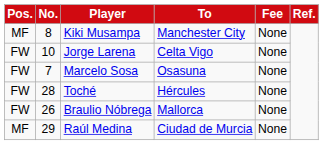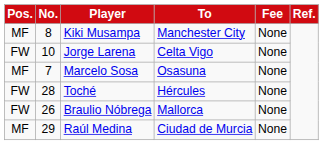 <table class="wikitable plainrowheaders sortable">
 <tr>
 <th style="background:#D10A11; color:#ffffff; ">Pos.</th>
 <th style="background:#D10A11; color:#ffffff; ">No.</th>
 <th style="background:#D10A11; color:#ffffff; ">Player</th>
 <th style="background:#D10A11; color:#ffffff; ">To</th>
 <th style="background:#D10A11; color:#ffffff; ">Fee</th>
 <th style="background:#D10A11; color:#ffffff; ">Ref.</th>
 </tr>
 <tr>
 <td style="text-align:center;">MF</td>
 <td style="text-align:center;">8</td>
 <td style="text-align:left;"> <a href='#'>Kiki Musampa</a></td>
 <td style="text-align:left;"> <a href='#'>Manchester City</a></td>
 <td>None</td>
 </tr>
 <tr>
 <td style="text-align:center;">FW</td>
 <td style="text-align:center;">10</td>
 <td style="text-align:left;"> <a href='#'>Jorge Larena</a></td>
 <td style="text-align:left;"> <a href='#'>Celta Vigo</a></td>
 <td>None</td>
 </tr>
 <tr>
-<td style="text-align:center;">FW</td>
+<td style="text-align:center;">MF</td>
 <td style="text-align:center;">7</td>
 <td style="text-align:left;"> <a href='#'>Marcelo Sosa</a></td>
 <td style="text-align:left;"> <a href='#'>Osasuna</a></td>
 <td>None</td>
 </tr>
 <tr>
 <td style="text-align:center;">FW</td>
 <td style="text-align:center;">28</td>
 <td style="text-align:left;"> <a href='#'>Toché</a></td>
 <td style="text-align:left;"> <a href='#'>Hércules</a></td>
 <td>None</td>
 </tr>
 <tr>
 <td style="text-align:center;">FW</td>
 <td style="text-align:center;">26</td>
 <td style="text-align:left;"> <a href='#'>Braulio Nóbrega</a></td>
 <td style="text-align:left;"> <a href='#'>Mallorca</a></td>
 <td>None</td>
 </tr>
 <tr>
 <td style="text-align:center;">MF</td>
 <td style="text-align:center;">29</td>
 <td style="text-align:left;"> <a href='#'>Raúl Medina</a></td>
 <td style="text-align:left;"> <a href='#'>Ciudad de Murcia</a></td>
 <td>None</td>
 </tr>
 </table>
